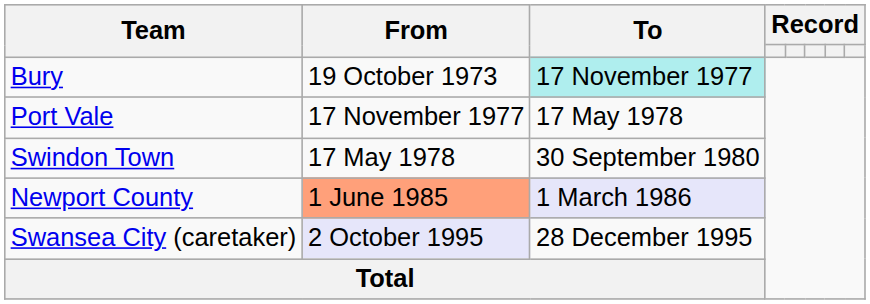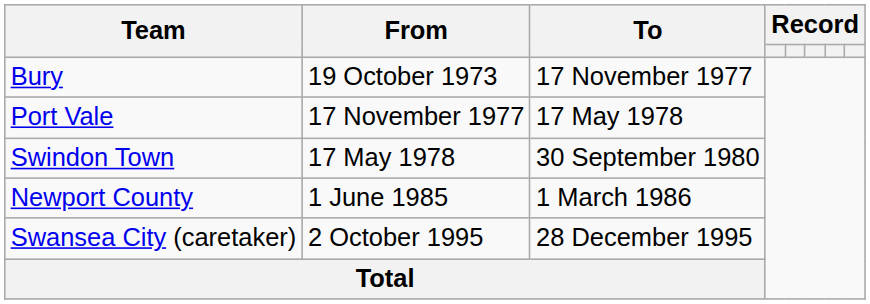 <table class="wikitable" style="text-align: center">
 <tr>
 <th rowspan=2>Team</th>
 <th rowspan=2>From</th>
 <th rowspan=2>To</th>
 <th colspan=5>Record</th>
 </tr>
 <tr>
 <th></th>
 <th></th>
 <th></th>
 <th></th>
 <th></th>
 </tr>
 <tr>
 <td align=left><a href='#'>Bury</a></td>
 <td align=left>19 October 1973</td>
-<td align=left style="background: paleturquoise;">17 November 1977<br></td>
+<td align=left>17 November 1977<br></td>
 </tr>
 <tr>
 <td align=left><a href='#'>Port Vale</a></td>
 <td align=left>17 November 1977</td>
 <td align=left>17 May 1978<br></td>
 </tr>
 <tr>
 <td align=left><a href='#'>Swindon Town</a></td>
 <td align=left>17 May 1978</td>
 <td align=left>30 September 1980<br></td>
 </tr>
 <tr>
 <td align=left><a href='#'>Newport County</a></td>
-<td align=left style="background: lightsalmon;">1 June 1985</td>
-<td align=left style="background: lavender;">1 March 1986<br></td>
+<td align=left>1 June 1985</td>
+<td align=left>1 March 1986<br></td>
 </tr>
 <tr>
 <td align=left><a href='#'>Swansea City</a> (caretaker)</td>
-<td align=left style="background: lavender;">2 October 1995</td>
+<td align=left>2 October 1995</td>
 <td align=left>28 December 1995<br></td>
 </tr>
 <tr>
 <th colspan=3>Total<br></th>
 </tr>
 </table>
